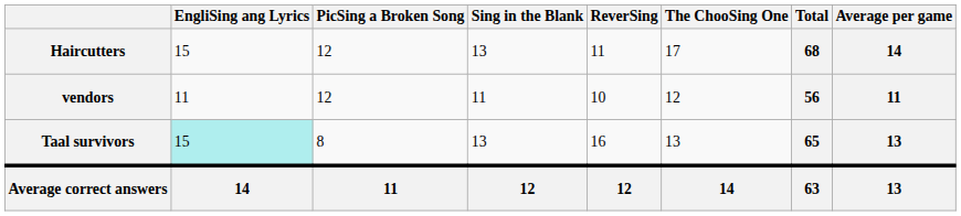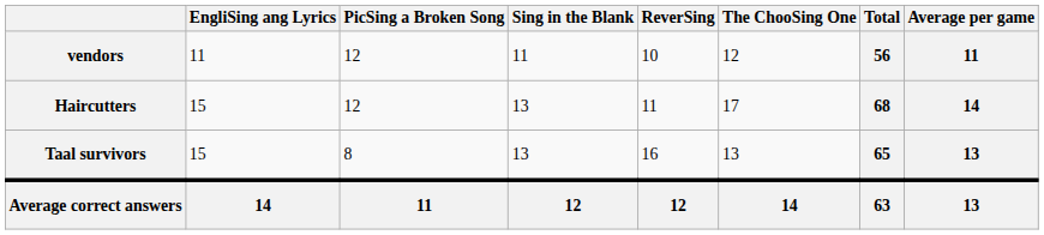 <table class="wikitable collapsible ">
 <tr>
 <th></th>
 <th>EngliSing ang Lyrics</th>
 <th>PicSing a Broken Song</th>
 <th>Sing in the Blank</th>
 <th>ReverSing</th>
 <th>The ChooSing One</th>
 <th>Total</th>
 <th>Average per game</th>
 </tr>
 <tr style="height: 3em;">
+<th> vendors</th>
+<td>11</td>
+<td>12</td>
+<td>11</td>
+<td>10</td>
+<td>12</td>
+<th>56</th>
+<th>11</th>
+</tr>
+<tr style="height: 3em;">
 <th>Haircutters</th>
 <td>15</td>
 <td>12</td>
 <td>13</td>
 <td>11</td>
 <td>17</td>
 <th>68</th>
 <th>14</th>
 </tr>
 <tr style="height: 3em;">
-<th> vendors</th>
-<td>11</td>
-<td>12</td>
-<td>11</td>
-<td>10</td>
-<td>12</td>
-<th>56</th>
-<th>11</th>
-</tr>
-<tr style="height: 3em;">
 <th>Taal survivors</th>
-<td style="background: paleturquoise;">15</td>
+<td>15</td>
 <td>8</td>
 <td>13</td>
 <td>16</td>
 <td>13</td>
 <th>65</th>
 <th>13</th>
 </tr>
 <tr style="border-top: solid 4px; height: 3em;">
 <th>Average correct answers</th>
 <th>14</th>
 <th>11</th>
 <th>12</th>
 <th>12</th>
 <th>14</th>
 <th>63</th>
 <th>13</th>
 </tr>
 </table>
